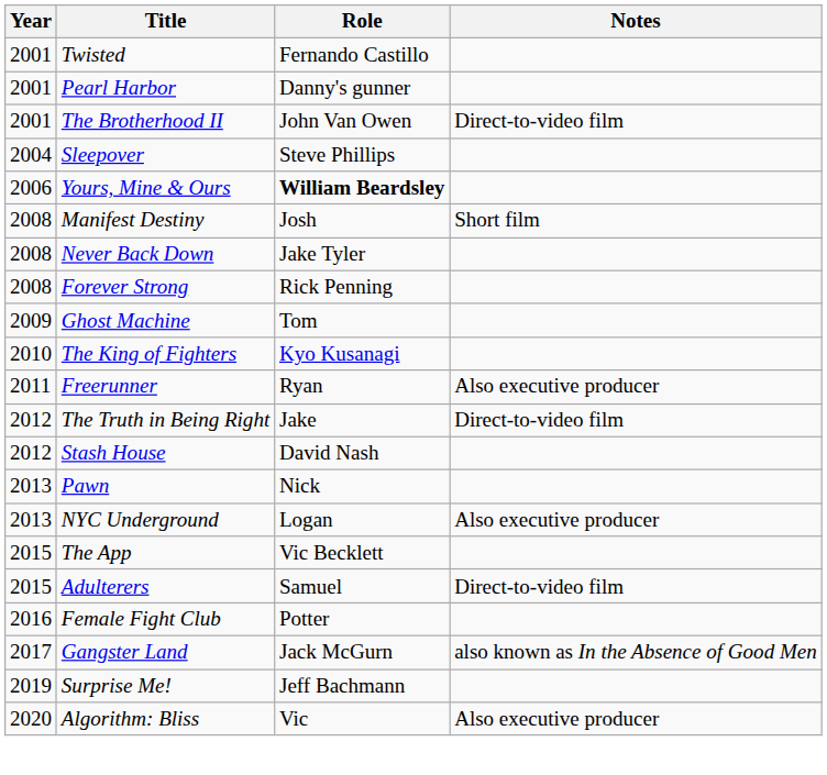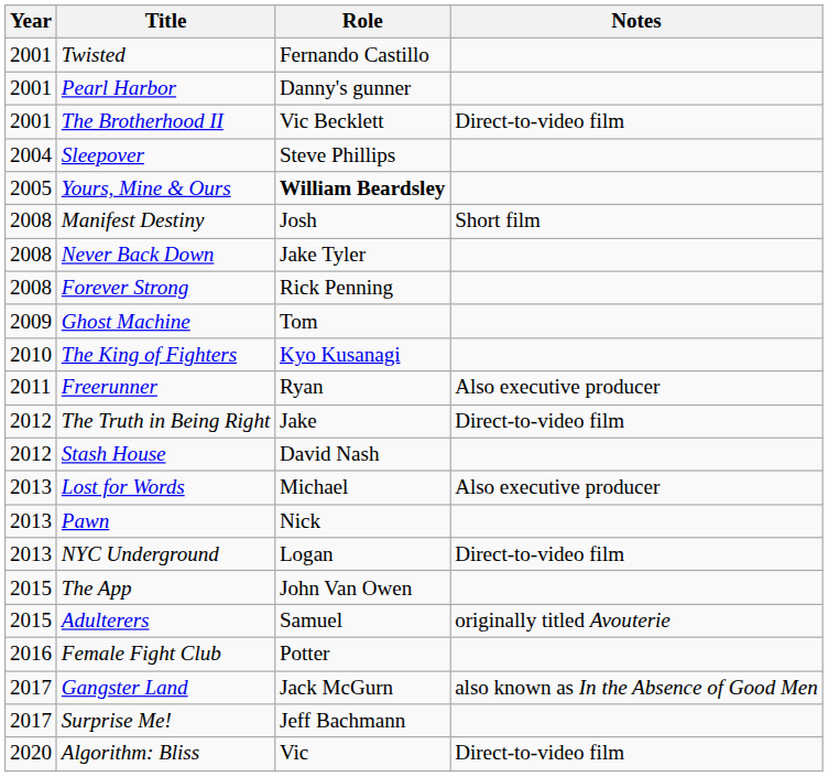 <table class="wikitable sortable">
 <tr>
 <th>Year</th>
 <th>Title</th>
 <th>Role</th>
 <th class="unsortable">Notes</th>
 </tr>
 <tr>
 <td>2001</td>
 <td><em>Twisted</em></td>
 <td>Fernando Castillo</td>
 <td></td>
 </tr>
 <tr>
 <td>2001</td>
 <td><em><a href='#'>Pearl Harbor</a></em></td>
 <td>Danny's gunner</td>
 <td></td>
 </tr>
 <tr>
 <td>2001</td>
 <td data-sort-value="Brotherhood 2, The"><em><a href='#'>The Brotherhood II</a></em></td>
-<td>John Van Owen</td>
+<td>Vic Becklett</td>
 <td>Direct-to-video film</td>
 </tr>
 <tr>
 <td>2004</td>
 <td><em><a href='#'>Sleepover</a></em></td>
 <td>Steve Phillips</td>
 <td></td>
 </tr>
 <tr>
-<td>2006</td>
+<td>2005</td>
 <td><em><a href='#'>Yours, Mine & Ours</a></em></td>
 <td><strong>William Beardsley</strong></td>
 <td></td>
 </tr>
 <tr>
 <td>2008</td>
 <td><em>Manifest Destiny</em></td>
 <td>Josh</td>
 <td>Short film</td>
 </tr>
 <tr>
 <td>2008</td>
 <td><em><a href='#'>Never Back Down</a></em></td>
 <td>Jake Tyler</td>
 <td></td>
 </tr>
 <tr>
 <td>2008</td>
 <td><em><a href='#'>Forever Strong</a></em></td>
 <td>Rick Penning</td>
 <td></td>
 </tr>
 <tr>
 <td>2009</td>
 <td><em><a href='#'>Ghost Machine</a></em></td>
 <td>Tom</td>
 <td></td>
 </tr>
 <tr>
 <td>2010</td>
 <td data-sort-value="King of Fighters, The"><em><a href='#'>The King of Fighters</a></em></td>
 <td><a href='#'>Kyo Kusanagi</a></td>
 <td></td>
 </tr>
 <tr>
 <td>2011</td>
 <td><em><a href='#'>Freerunner</a></em></td>
 <td>Ryan</td>
 <td>Also executive producer</td>
 </tr>
 <tr>
 <td>2012</td>
 <td data-sort-value="Truth in Being Right, The"><em>The Truth in Being Right</em></td>
 <td>Jake</td>
 <td>Direct-to-video film</td>
 </tr>
 <tr>
 <td>2012</td>
 <td><em><a href='#'>Stash House</a></em></td>
 <td>David Nash</td>
 <td></td>
 </tr>
 <tr>
 <td>2013</td>
+<td><em><a href='#'>Lost for Words</a></em></td>
+<td>Michael</td>
+<td>Also executive producer</td>
+</tr>
+<tr>
+<td>2013</td>
 <td><em><a href='#'>Pawn</a></em></td>
 <td>Nick</td>
 <td></td>
 </tr>
 <tr>
 <td>2013</td>
 <td><em>NYC Underground</em></td>
 <td>Logan</td>
-<td>Also executive producer</td>
+<td>Direct-to-video film</td>
 </tr>
 <tr>
 <td>2015</td>
 <td data-sort-value="App, The"><em>The App</em></td>
-<td>Vic Becklett</td>
+<td>John Van Owen</td>
 <td></td>
 </tr>
 <tr>
 <td>2015</td>
 <td><em><a href='#'>Adulterers</a></em></td>
 <td>Samuel</td>
-<td>Direct-to-video film</td>
+<td>originally titled <em>Avouterie</em></td>
 </tr>
 <tr>
 <td>2016</td>
 <td><em>Female Fight Club</em></td>
 <td>Potter</td>
 <td></td>
 </tr>
 <tr>
 <td>2017</td>
 <td><em><a href='#'>Gangster Land</a></em></td>
 <td>Jack McGurn</td>
 <td>also known as <em>In the Absence of Good Men</em></td>
 </tr>
 <tr>
-<td>2019</td>
+<td>2017</td>
 <td><em>Surprise Me!</em></td>
 <td>Jeff Bachmann</td>
 <td></td>
 </tr>
 <tr>
 <td>2020</td>
 <td><em>Algorithm: Bliss</em></td>
 <td>Vic</td>
-<td>Also executive producer</td>
+<td>Direct-to-video film</td>
 </tr>
 </table>
